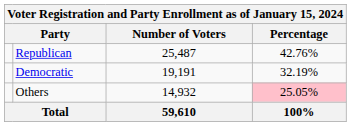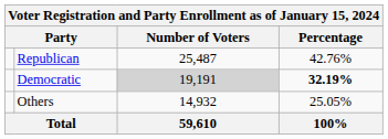 <table class=wikitable>
 <tr>
 <th colspan = 6>Voter Registration and Party Enrollment as of January 15, 2024</th>
 </tr>
 <tr>
 <th colspan = 2>Party</th>
 <th>Number of Voters</th>
 <th>Percentage</th>
 </tr>
 <tr>
 <td></td>
 <td><a href='#'>Republican</a></td>
 <td align = center>25,487</td>
 <td align = center>42.76%</td>
 </tr>
 <tr>
 <td></td>
 <td><a href='#'>Democratic</a></td>
-<td align = center>19,191</td>
-<td align = center>32.19%</td>
+<td align = center style="background: lightgrey;">19,191</td>
+<td align = center><strong>32.19%</strong></td>
 </tr>
 <tr>
 <td></td>
 <td>Others</td>
 <td align = center>14,932</td>
-<td align = center style="background: pink;">25.05%</td>
+<td align = center>25.05%</td>
 </tr>
 <tr>
 <th colspan = 2>Total</th>
 <th align = center>59,610</th>
 <th align = center>100%</th>
 </tr>
 </table>
